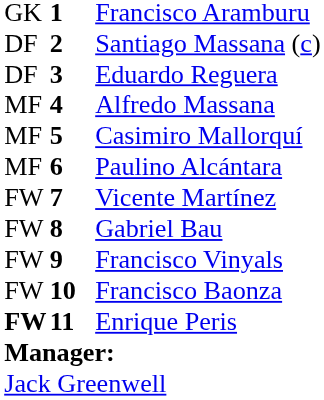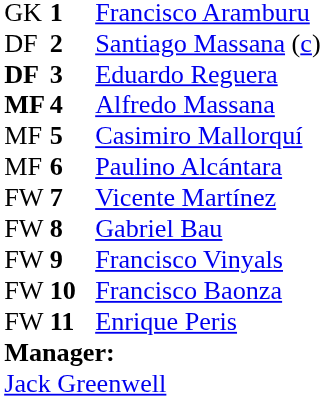 <table style="font-size:90%; margin:0.2em auto;" cellspacing="0" cellpadding="0">
 <tr>
 <th width="25"></th>
 <th width="25"></th>
 </tr>
 <tr>
 <td>GK</td>
 <td><strong>1</strong></td>
 <td> <a href='#'>Francisco Aramburu</a></td>
 </tr>
 <tr>
 <td>DF</td>
 <td><strong>2</strong></td>
 <td> <a href='#'>Santiago Massana</a> (<a href='#'>c</a>)</td>
 </tr>
 <tr>
-<td>DF</td>
+<td><strong>DF</strong></td>
 <td><strong>3</strong></td>
 <td> <a href='#'>Eduardo Reguera</a></td>
 </tr>
 <tr>
-<td>MF</td>
+<td><strong>MF</strong></td>
 <td><strong>4</strong></td>
 <td> <a href='#'>Alfredo Massana</a></td>
 </tr>
 <tr>
 <td>MF</td>
 <td><strong>5</strong></td>
 <td> <a href='#'>Casimiro Mallorquí</a></td>
 </tr>
 <tr>
 <td>MF</td>
 <td><strong>6</strong></td>
 <td> <a href='#'>Paulino Alcántara</a></td>
 </tr>
 <tr>
 <td>FW</td>
 <td><strong>7</strong></td>
 <td> <a href='#'>Vicente Martínez</a></td>
 </tr>
 <tr>
 <td>FW</td>
 <td><strong>8</strong></td>
 <td> <a href='#'>Gabriel Bau</a></td>
 </tr>
 <tr>
 <td>FW</td>
 <td><strong>9</strong></td>
 <td> <a href='#'>Francisco Vinyals</a></td>
 </tr>
 <tr>
 <td>FW</td>
 <td><strong>10</strong></td>
 <td> <a href='#'>Francisco Baonza</a></td>
 </tr>
 <tr>
-<td><strong>FW</strong></td>
+<td>FW</td>
 <td><strong>11</strong></td>
 <td> <a href='#'>Enrique Peris</a></td>
 </tr>
 <tr>
 <td colspan=3><strong>Manager:</strong></td>
 </tr>
 <tr>
 <td colspan=4><a href='#'>Jack Greenwell</a></td>
 </tr>
 </table>
